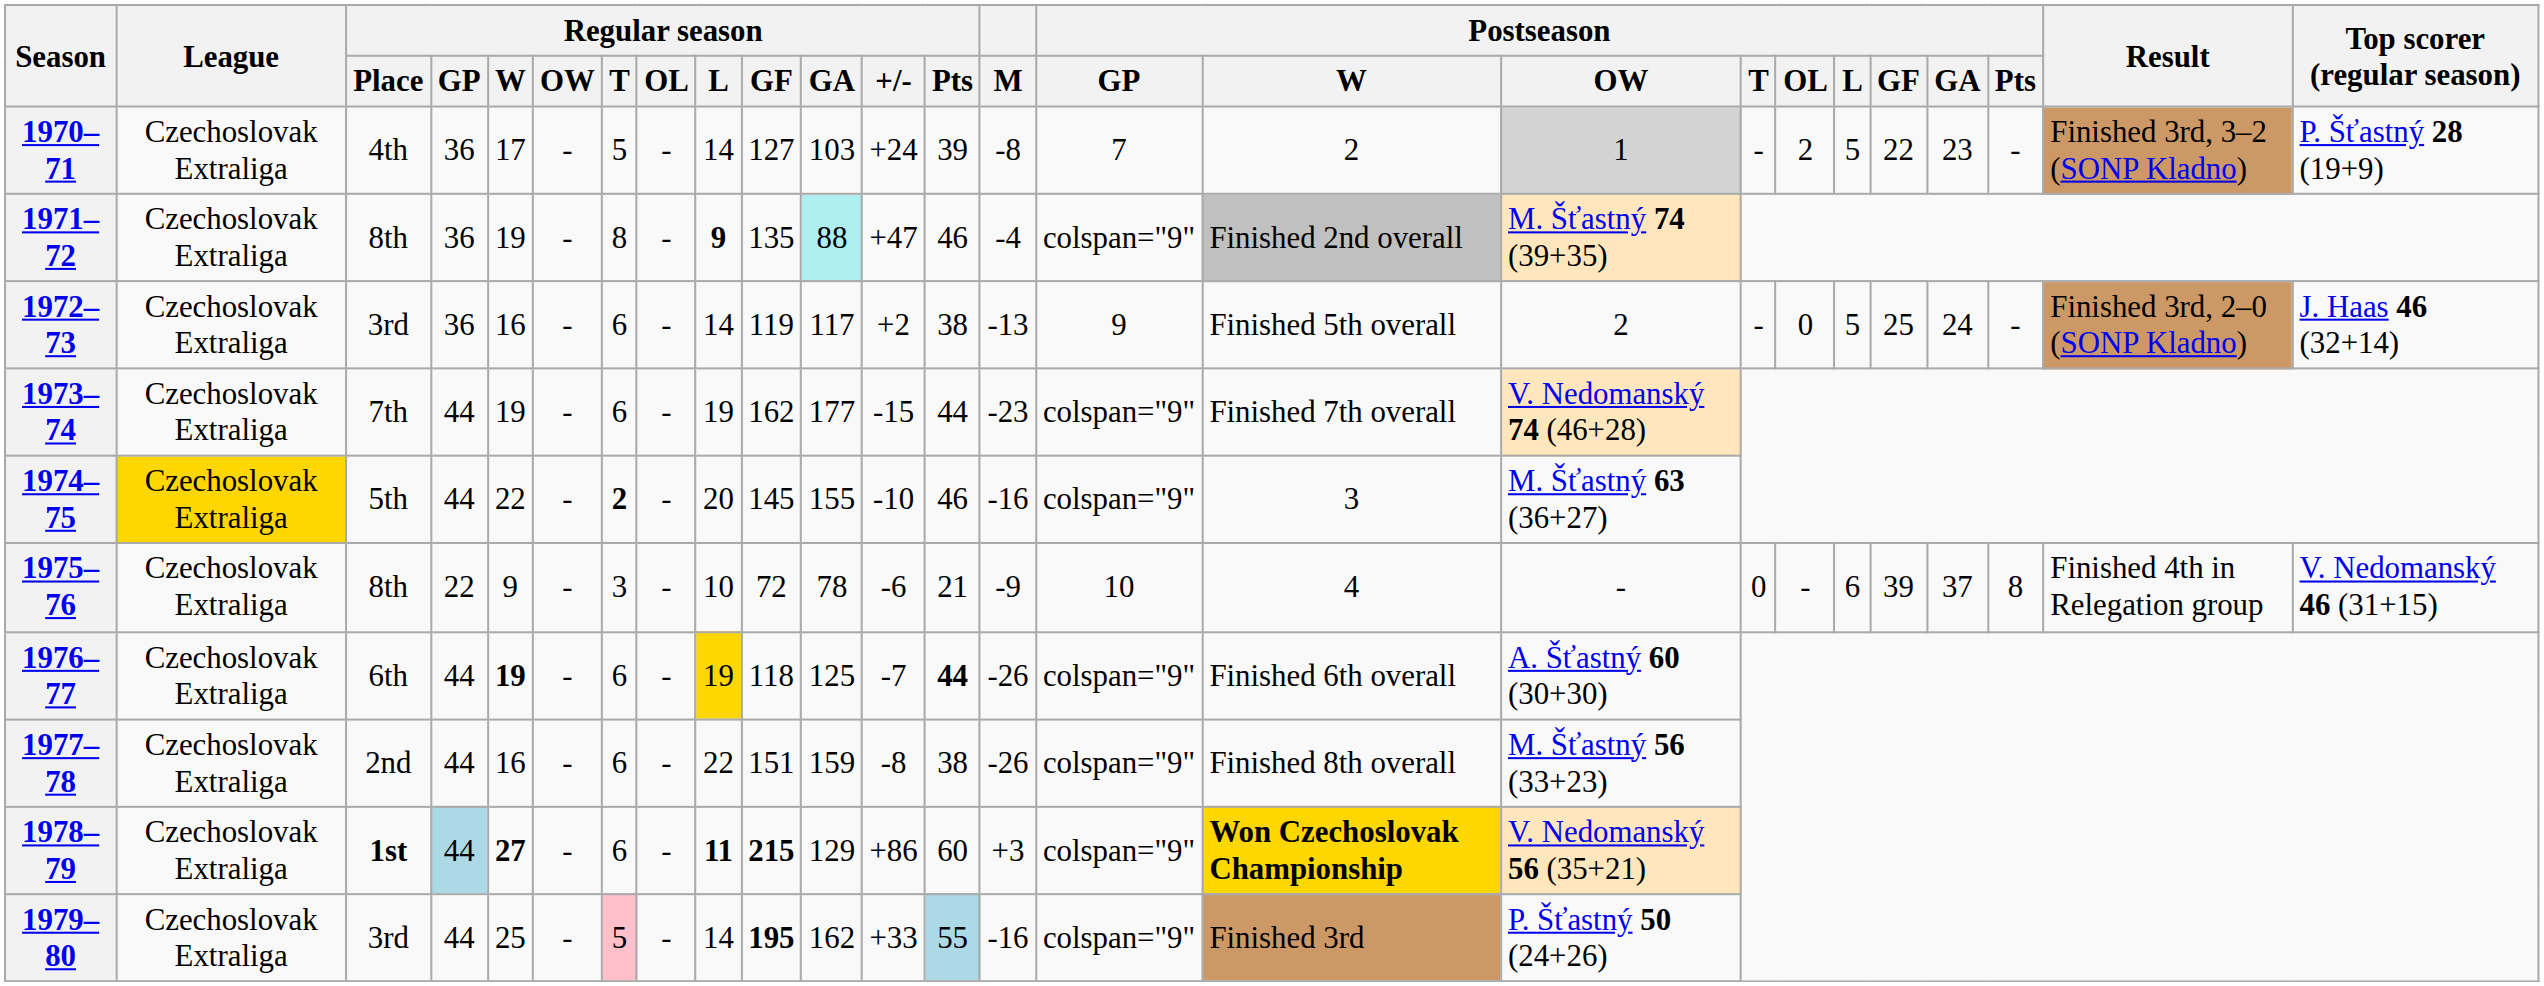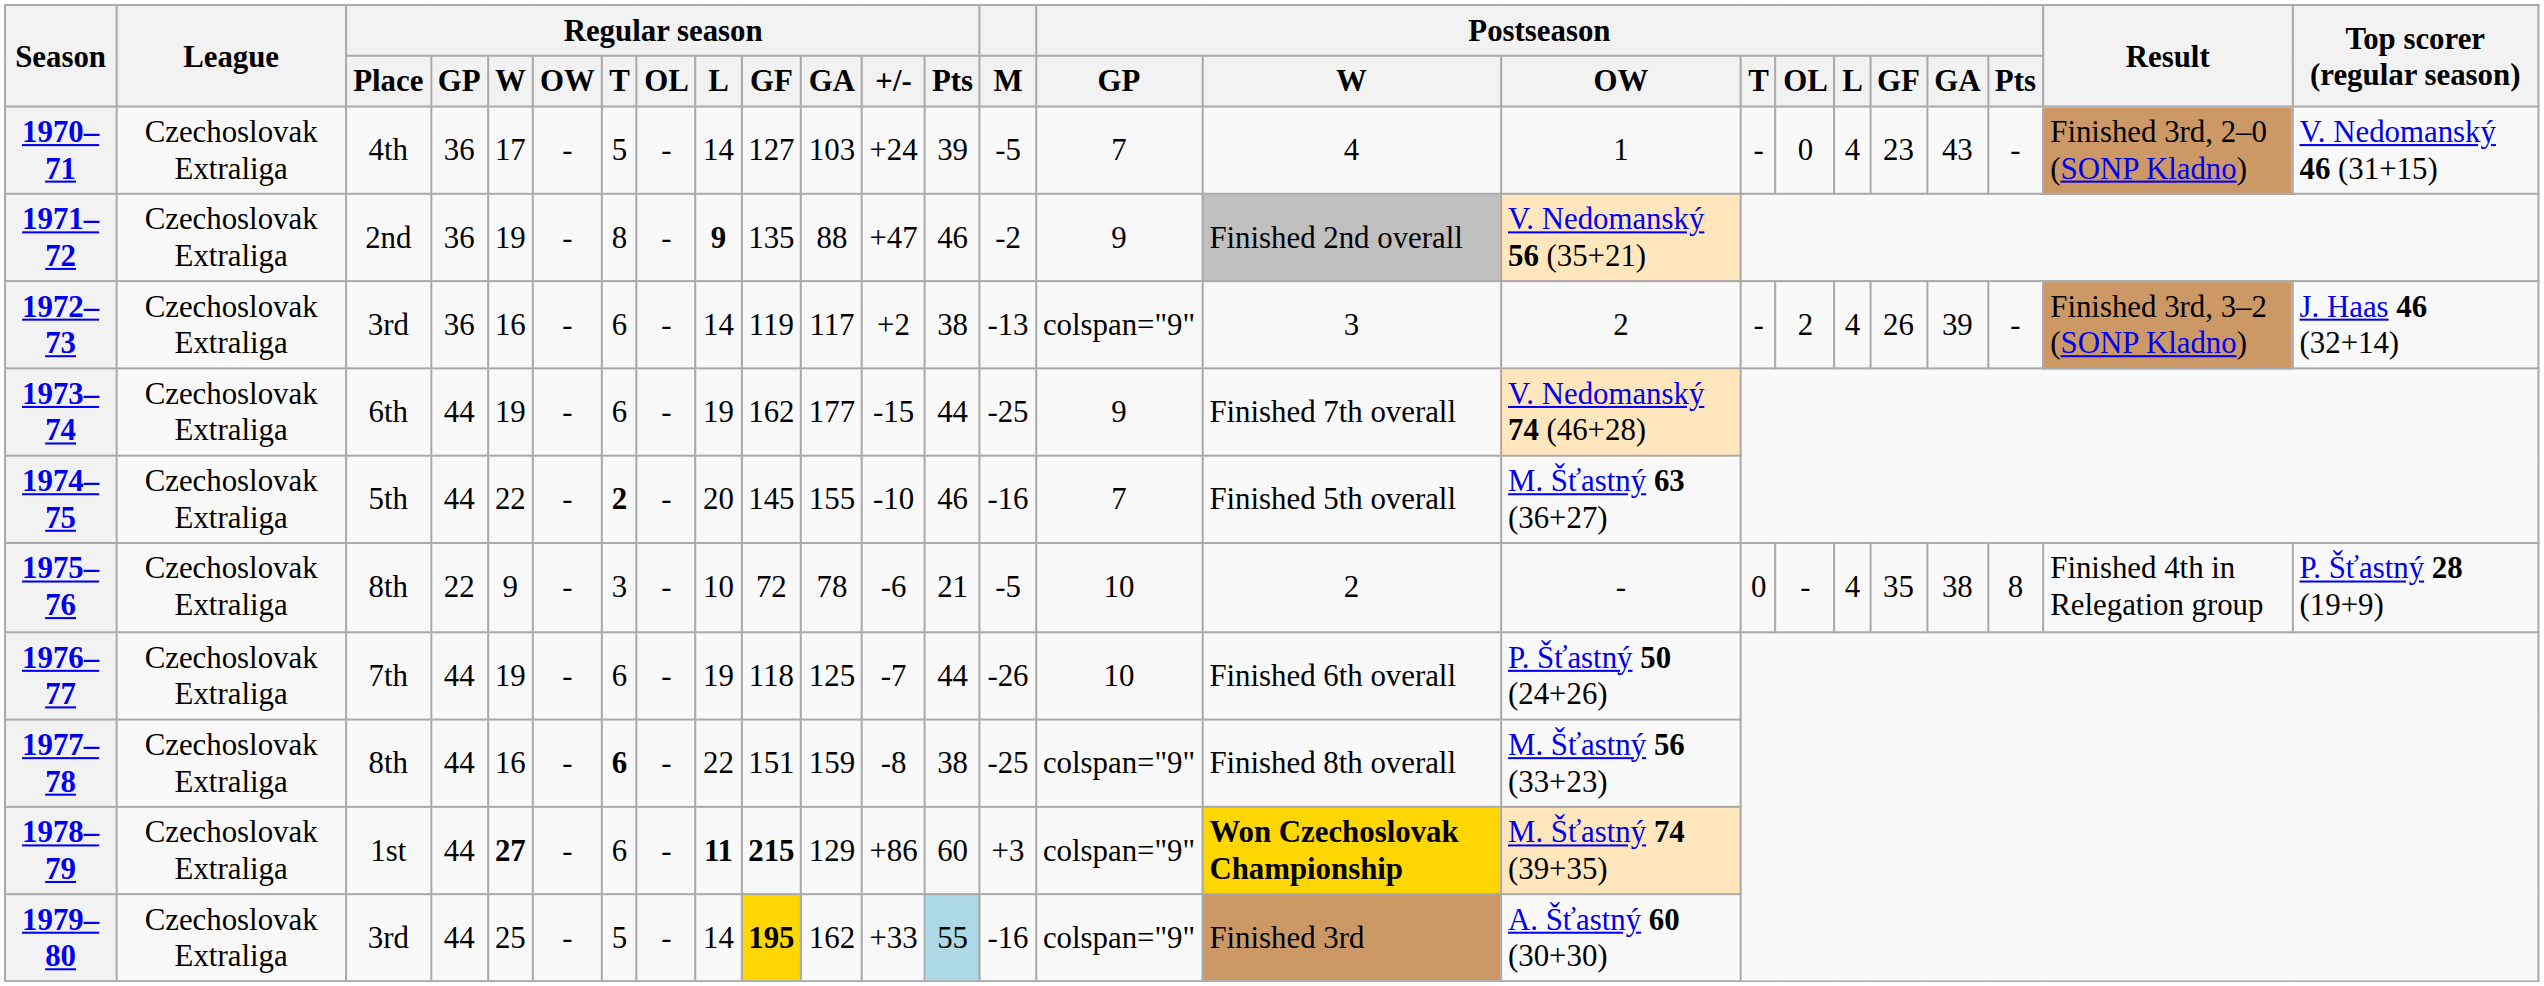 <table class="wikitable collapsible" style="text-align: center; font-size: 95%">
 <tr>
 <th rowspan="2">Season</th>
 <th rowspan="2">League</th>
 <th colspan="11">Regular season</th>
 <th></th>
 <th colspan="9">Postseason</th>
 <th rowspan="2">Result</th>
 <th rowspan="2">Top scorer (regular season)</th>
 </tr>
 <tr>
 <th>Place</th>
 <th>GP</th>
 <th>W</th>
 <th>OW</th>
 <th>T</th>
 <th>OL</th>
 <th>L</th>
 <th>GF</th>
 <th>GA</th>
 <th>+/-</th>
 <th>Pts</th>
 <th>M</th>
 <th>GP</th>
 <th>W</th>
 <th>OW</th>
 <th>T</th>
 <th>OL</th>
 <th>L</th>
 <th>GF</th>
 <th>GA</th>
 <th>Pts</th>
 </tr>
 <tr>
 <th><a href='#'>1970–71</a></th>
 <td>Czechoslovak Extraliga</td>
 <td>4th</td>
 <td>36</td>
 <td>17</td>
 <td>-</td>
 <td>5</td>
 <td>-</td>
 <td>14</td>
 <td>127</td>
 <td>103</td>
 <td>+24</td>
 <td>39</td>
-<td>-8</td>
+<td>-5</td>
 <td>7</td>
-<td>2</td>
-<td style="background: lightgrey;">1</td>
+<td>4</td>
+<td>1</td>
 <td>-</td>
-<td>2</td>
-<td>5</td>
-<td>22</td>
+<td>0</td>
+<td>4</td>
 <td>23</td>
+<td>43</td>
 <td>-</td>
-<td align=left bgcolor="cc9966">Finished 3rd, 3–2 (<a href='#'>SONP Kladno</a>)</td>
-<td align=left>  <a href='#'>P. Šťastný</a> <strong>28</strong> (19+9)</td>
+<td align=left bgcolor="cc9966">Finished 3rd, 2–0 (<a href='#'>SONP Kladno</a>)</td>
+<td align=left>  <a href='#'>V. Nedomanský</a> <strong>46</strong> (31+15)</td>
 </tr>
 <tr>
 <th><a href='#'>1971–72</a></th>
 <td>Czechoslovak Extraliga</td>
-<td>8th</td>
+<td>2nd</td>
 <td>36</td>
 <td>19</td>
 <td>-</td>
 <td>8</td>
 <td>-</td>
 <td><strong>9</strong></td>
 <td>135</td>
-<td style="background: paleturquoise;">88</td>
+<td>88</td>
 <td>+47</td>
 <td>46</td>
-<td>-4</td>
-<td>colspan="9" </td>
+<td>-2</td>
+<td>9</td>
 <td align=left bgcolor="silver">Finished 2nd overall</td>
-<td align=left bgcolor="FFE6BD">  <a href='#'>M. Šťastný</a> <strong>74</strong> (39+35)</td>
+<td align=left bgcolor="FFE6BD">  <a href='#'>V. Nedomanský</a> <strong>56</strong> (35+21)</td>
 </tr>
 <tr>
 <th><a href='#'>1972–73</a></th>
 <td>Czechoslovak Extraliga</td>
 <td>3rd</td>
 <td>36</td>
 <td>16</td>
 <td>-</td>
 <td>6</td>
 <td>-</td>
 <td>14</td>
 <td>119</td>
 <td>117</td>
 <td>+2</td>
 <td>38</td>
 <td>-13</td>
-<td>9</td>
-<td align=left>Finished 5th overall</td>
+<td>colspan="9" </td>
+<td>3</td>
 <td>2</td>
 <td>-</td>
-<td>0</td>
-<td>5</td>
-<td>25</td>
-<td>24</td>
+<td>2</td>
+<td>4</td>
+<td>26</td>
+<td>39</td>
 <td>-</td>
-<td align=left bgcolor="cc9966">Finished 3rd, 2–0 (<a href='#'>SONP Kladno</a>)</td>
+<td align=left bgcolor="cc9966">Finished 3rd, 3–2 (<a href='#'>SONP Kladno</a>)</td>
 <td align=left>  <a href='#'>J. Haas</a> <strong>46</strong> (32+14)</td>
 </tr>
 <tr>
 <th><a href='#'>1973–74</a></th>
 <td>Czechoslovak Extraliga</td>
-<td>7th</td>
+<td>6th</td>
 <td>44</td>
 <td>19</td>
 <td>-</td>
 <td>6</td>
 <td>-</td>
 <td>19</td>
 <td>162</td>
 <td>177</td>
 <td>-15</td>
 <td>44</td>
-<td>-23</td>
-<td>colspan="9" </td>
+<td>-25</td>
+<td>9</td>
 <td align=left>Finished 7th overall</td>
 <td align=left bgcolor="FFE6BD">  <a href='#'>V. Nedomanský</a> <strong>74</strong> (46+28)</td>
 </tr>
 <tr>
 <th><a href='#'>1974–75</a></th>
-<td style="background: gold;">Czechoslovak Extraliga</td>
+<td>Czechoslovak Extraliga</td>
 <td>5th</td>
 <td>44</td>
 <td>22</td>
 <td>-</td>
 <td><strong>2</strong></td>
 <td>-</td>
 <td>20</td>
 <td>145</td>
 <td>155</td>
 <td>-10</td>
 <td>46</td>
 <td>-16</td>
-<td>colspan="9" </td>
-<td>3</td>
+<td>7</td>
+<td align=left>Finished 5th overall</td>
 <td align=left>  <a href='#'>M. Šťastný</a> <strong>63</strong> (36+27)</td>
 </tr>
 <tr>
 <th><a href='#'>1975–76</a></th>
 <td>Czechoslovak Extraliga</td>
 <td>8th</td>
 <td>22</td>
 <td>9</td>
 <td>-</td>
 <td>3</td>
 <td>-</td>
 <td>10</td>
 <td>72</td>
 <td>78</td>
 <td>-6</td>
 <td>21</td>
-<td>-9</td>
+<td>-5</td>
 <td>10</td>
-<td>4</td>
+<td>2</td>
 <td>-</td>
 <td>0</td>
 <td>-</td>
-<td>6</td>
-<td>39</td>
-<td>37</td>
+<td>4</td>
+<td>35</td>
+<td>38</td>
 <td>8</td>
 <td align=left>Finished 4th in Relegation group</td>
-<td align=left>  <a href='#'>V. Nedomanský</a> <strong>46</strong> (31+15)</td>
+<td align=left>  <a href='#'>P. Šťastný</a> <strong>28</strong> (19+9)</td>
 </tr>
 <tr>
 <th><a href='#'>1976–77</a></th>
 <td>Czechoslovak Extraliga</td>
-<td>6th</td>
+<td>7th</td>
 <td>44</td>
-<td><strong>19</strong></td>
+<td>19</td>
 <td>-</td>
 <td>6</td>
 <td>-</td>
-<td style="background: gold;">19</td>
+<td>19</td>
 <td>118</td>
 <td>125</td>
 <td>-7</td>
-<td><strong>44</strong></td>
+<td>44</td>
 <td>-26</td>
-<td>colspan="9" </td>
+<td>10</td>
 <td align=left>Finished 6th overall</td>
-<td align=left>  <a href='#'>A. Šťastný</a> <strong>60</strong> (30+30)</td>
+<td align=left>  <a href='#'>P. Šťastný</a> <strong>50</strong> (24+26)</td>
 </tr>
 <tr>
 <th><a href='#'>1977–78</a></th>
 <td>Czechoslovak Extraliga</td>
-<td>2nd</td>
+<td>8th</td>
 <td>44</td>
 <td>16</td>
 <td>-</td>
-<td>6</td>
+<td><strong>6</strong></td>
 <td>-</td>
 <td>22</td>
 <td>151</td>
 <td>159</td>
 <td>-8</td>
 <td>38</td>
-<td>-26</td>
+<td>-25</td>
 <td>colspan="9" </td>
 <td align=left>Finished 8th overall</td>
 <td align=left>  <a href='#'>M. Šťastný</a> <strong>56</strong> (33+23)</td>
 </tr>
 <tr>
 <th><a href='#'>1978–79</a></th>
 <td>Czechoslovak Extraliga</td>
-<td><strong>1st</strong></td>
-<td style="background: lightblue;">44</td>
+<td>1st</td>
+<td>44</td>
 <td><strong>27</strong></td>
 <td>-</td>
 <td>6</td>
 <td>-</td>
 <td><strong>11</strong></td>
 <td><strong>215</strong></td>
 <td>129</td>
 <td>+86</td>
 <td>60</td>
 <td>+3</td>
 <td>colspan="9" </td>
 <td align=left bgcolor="gold"><strong>Won Czechoslovak Championship</strong></td>
-<td align=left bgcolor="FFE6BD">  <a href='#'>V. Nedomanský</a> <strong>56</strong> (35+21)</td>
+<td align=left bgcolor="FFE6BD">  <a href='#'>M. Šťastný</a> <strong>74</strong> (39+35)</td>
 </tr>
 <tr>
 <th><a href='#'>1979–80</a></th>
 <td>Czechoslovak Extraliga</td>
 <td>3rd</td>
 <td>44</td>
 <td>25</td>
 <td>-</td>
-<td style="background: pink;">5</td>
+<td>5</td>
 <td>-</td>
 <td>14</td>
-<td><strong>195</strong></td>
+<td style="background: gold;"><strong>195</strong></td>
 <td>162</td>
 <td>+33</td>
 <td style="background: lightblue;">55</td>
 <td>-16</td>
 <td>colspan="9" </td>
 <td align=left bgcolor="cc9966">Finished 3rd</td>
-<td align=left>  <a href='#'>P. Šťastný</a> <strong>50</strong> (24+26)</td>
+<td align=left>  <a href='#'>A. Šťastný</a> <strong>60</strong> (30+30)</td>
 </tr>
 <tr>
 </tr>
 </table>
